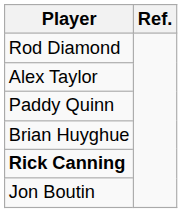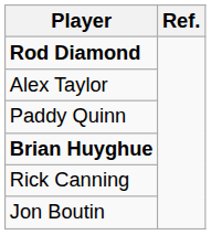 <table class="wikitable">
 <tr>
 <th>Player</th>
 <th>Ref.</th>
 </tr>
 <tr>
-<td>Rod Diamond</td>
+<td><strong>Rod Diamond</strong></td>
 <td rowspan="6"></td>
 </tr>
 <tr>
 <td>Alex Taylor</td>
 </tr>
 <tr>
 <td>Paddy Quinn</td>
 </tr>
 <tr>
-<td>Brian Huyghue</td>
+<td><strong>Brian Huyghue</strong></td>
 </tr>
 <tr>
-<td><strong>Rick Canning</strong></td>
+<td>Rick Canning</td>
 </tr>
 <tr>
 <td>Jon Boutin</td>
 </tr>
 </table>
